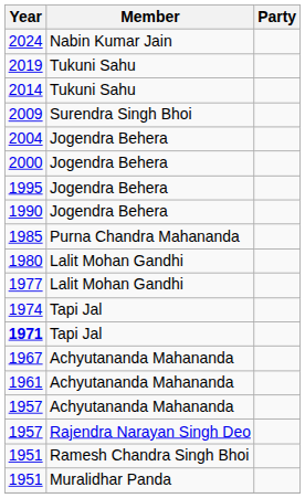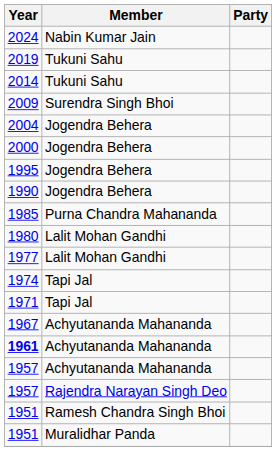 <table class="wikitable sortable">
 <tr>
 <th>Year</th>
 <th>Member</th>
 <th colspan=2>Party</th>
 </tr>
 <tr>
 <td><a href='#'>2024</a></td>
 <td>Nabin Kumar Jain</td>
 <td></td>
 </tr>
 <tr>
 <td><a href='#'>2019</a></td>
 <td>Tukuni Sahu</td>
 <td></td>
 </tr>
 <tr>
 <td><a href='#'>2014</a></td>
 <td>Tukuni Sahu</td>
 <td></td>
 </tr>
 <tr>
 <td><a href='#'>2009</a></td>
 <td>Surendra Singh Bhoi</td>
 <td></td>
 </tr>
 <tr>
 <td><a href='#'>2004</a></td>
 <td>Jogendra Behera</td>
 <td></td>
 </tr>
 <tr>
 <td><a href='#'>2000</a></td>
 <td>Jogendra Behera</td>
 <td></td>
 </tr>
 <tr>
 <td><a href='#'>1995</a></td>
 <td>Jogendra Behera</td>
 <td></td>
 </tr>
 <tr>
 <td><a href='#'>1990</a></td>
 <td>Jogendra Behera</td>
 <td></td>
 </tr>
 <tr>
 <td><a href='#'>1985</a></td>
 <td>Purna Chandra Mahananda</td>
 <td></td>
 </tr>
 <tr>
 <td><a href='#'>1980</a></td>
 <td>Lalit Mohan Gandhi</td>
 <td></td>
 </tr>
 <tr>
 <td><a href='#'>1977</a></td>
 <td>Lalit Mohan Gandhi</td>
 <td></td>
 </tr>
 <tr>
 <td><a href='#'>1974</a></td>
 <td>Tapi Jal</td>
 <td></td>
 </tr>
 <tr>
-<td><strong><a href='#'>1971</a></strong></td>
+<td><a href='#'>1971</a></td>
 <td>Tapi Jal</td>
 <td></td>
 </tr>
 <tr>
 <td><a href='#'>1967</a></td>
 <td>Achyutananda Mahananda</td>
 <td></td>
 </tr>
 <tr>
-<td><a href='#'>1961</a></td>
+<td><strong><a href='#'>1961</a></strong></td>
 <td>Achyutananda Mahananda</td>
 <td></td>
 </tr>
 <tr>
 <td><a href='#'>1957</a></td>
 <td>Achyutananda Mahananda</td>
 <td></td>
 </tr>
 <tr>
 <td><a href='#'>1957</a></td>
 <td><a href='#'>Rajendra Narayan Singh Deo</a></td>
 <td></td>
 </tr>
 <tr>
 <td><a href='#'>1951</a></td>
 <td>Ramesh Chandra Singh Bhoi</td>
 <td></td>
 </tr>
 <tr>
 <td><a href='#'>1951</a></td>
 <td>Muralidhar Panda</td>
 <td></td>
 </tr>
 <tr>
 </tr>
 </table>
